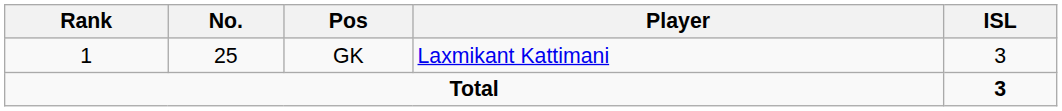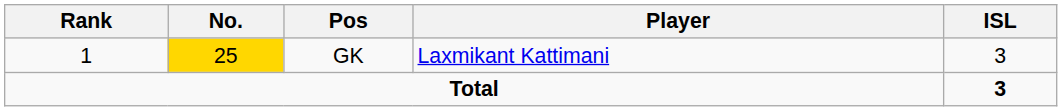 <table class="wikitable" style="text-align: center;width:50%;">
 <tr>
 <th>Rank</th>
 <th>No.</th>
 <th>Pos</th>
 <th>Player</th>
 <th>ISL</th>
 </tr>
 <tr>
 <td>1</td>
-<td>25</td>
+<td style="background: gold;">25</td>
 <td>GK</td>
 <td align=left> <a href='#'>Laxmikant Kattimani</a></td>
 <td>3</td>
 </tr>
 <tr>
 <td colspan="4"><strong>Total</strong></td>
 <td><strong>3</strong></td>
 </tr>
 </table>
